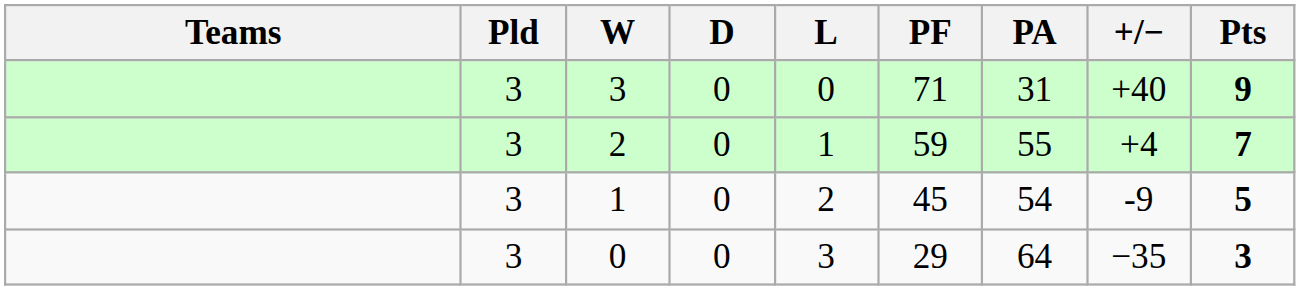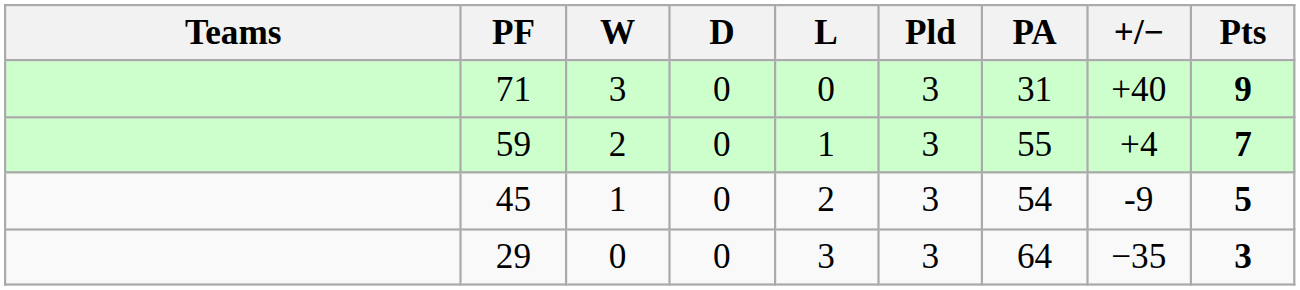 <table class="wikitable" style="text-align: center;">
 <tr>
 <th width="200">Teams</th>
-<th width="40">Pld</th>
+<th width="40">PF</th>
 <th width="40">W</th>
 <th width="40">D</th>
 <th width="40">L</th>
-<th width="40">PF</th>
+<th width="40">Pld</th>
 <th width="40">PA</th>
 <th width="40">+/−</th>
 <th width="40">Pts</th>
 </tr>
 <tr bgcolor=ccffcc>
 <td align=left></td>
-<td>3</td>
+<td>71</td>
 <td>3</td>
 <td>0</td>
 <td>0</td>
-<td>71</td>
+<td>3</td>
 <td>31</td>
 <td>+40</td>
 <td><strong>9</strong></td>
 </tr>
 <tr bgcolor=ccffcc>
 <td align=left></td>
-<td>3</td>
+<td>59</td>
 <td>2</td>
 <td>0</td>
 <td>1</td>
-<td>59</td>
+<td>3</td>
 <td>55</td>
 <td>+4</td>
 <td><strong>7</strong></td>
 </tr>
 <tr>
 <td align=left></td>
-<td>3</td>
+<td>45</td>
 <td>1</td>
 <td>0</td>
 <td>2</td>
-<td>45</td>
+<td>3</td>
 <td>54</td>
 <td>-9</td>
 <td><strong>5</strong></td>
 </tr>
 <tr>
 <td align=left></td>
-<td>3</td>
+<td>29</td>
 <td>0</td>
 <td>0</td>
 <td>3</td>
-<td>29</td>
+<td>3</td>
 <td>64</td>
 <td>−35</td>
 <td><strong>3</strong></td>
 </tr>
 </table>
